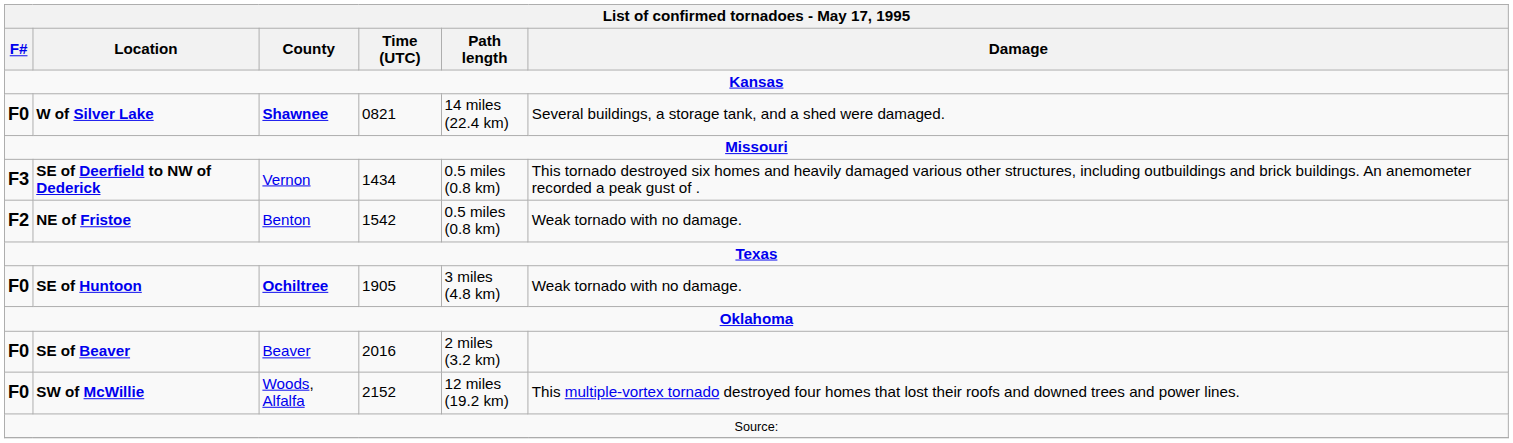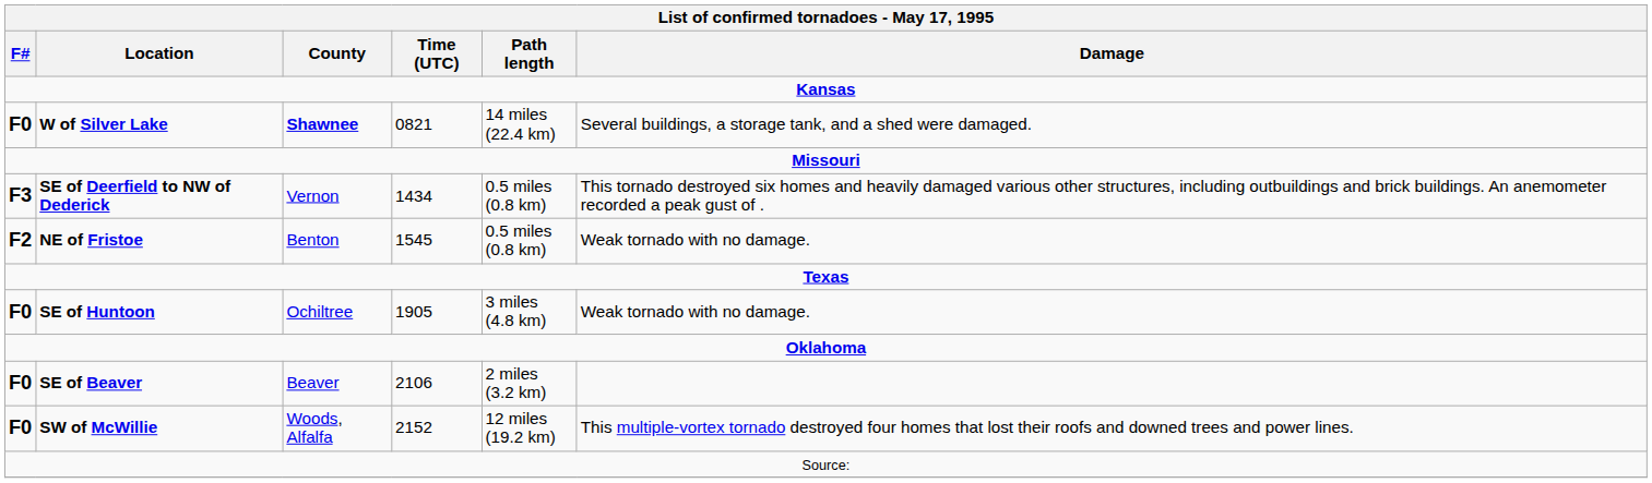 <table class="wikitable collapsible" width="100%">
 <tr>
 <th colspan="6">List of confirmed tornadoes - May 17, 1995</th>
 </tr>
 <tr>
 <th><a href='#'>F#</a></th>
 <th>Location</th>
 <th>County</th>
 <th>Time (UTC)</th>
 <th>Path length</th>
 <th>Damage</th>
 </tr>
 <tr>
 <td colspan="7" align=center><strong><a href='#'>Kansas</a></strong></td>
 </tr>
 <tr>
 <td><big><strong>F0</strong></big></td>
 <td><strong>W of <a href='#'>Silver Lake</a></strong></td>
 <td><strong><a href='#'>Shawnee</a></strong></td>
 <td>0821</td>
 <td>14 miles <br> (22.4 km)</td>
 <td>Several buildings, a storage tank, and a shed were damaged.</td>
 </tr>
 <tr>
 <td colspan="7" align=center><strong><a href='#'>Missouri</a></strong></td>
 </tr>
 <tr>
 <td><big><strong>F3</strong></big></td>
 <td><strong>SE of <a href='#'>Deerfield</a> to NW of <a href='#'>Dederick</a></strong></td>
 <td><a href='#'>Vernon</a></td>
 <td>1434</td>
 <td>0.5 miles <br> (0.8 km)</td>
 <td>This tornado destroyed six homes and heavily damaged various other structures, including outbuildings and brick buildings. An anemometer recorded a peak gust of .</td>
 </tr>
 <tr>
 <td><big><strong>F2</strong></big></td>
 <td><strong>NE of <a href='#'>Fristoe</a></strong></td>
 <td><a href='#'>Benton</a></td>
-<td>1542</td>
+<td>1545</td>
 <td>0.5 miles <br> (0.8 km)</td>
 <td>Weak tornado with no damage.</td>
 </tr>
 <tr>
 <td colspan="7" align=center><strong><a href='#'>Texas</a></strong></td>
 </tr>
 <tr>
 <td><big><strong>F0</strong></big></td>
 <td><strong>SE of <a href='#'>Huntoon</a></strong></td>
-<td><strong><a href='#'>Ochiltree</a></strong></td>
+<td><a href='#'>Ochiltree</a></td>
 <td>1905</td>
 <td>3 miles <br> (4.8 km)</td>
 <td>Weak tornado with no damage.</td>
 </tr>
 <tr>
 <td colspan="7" align=center><strong><a href='#'>Oklahoma</a></strong></td>
 </tr>
 <tr>
 <td><big><strong>F0</strong></big></td>
 <td><strong>SE of <a href='#'>Beaver</a></strong></td>
 <td><a href='#'>Beaver</a></td>
-<td>2016</td>
+<td>2106</td>
 <td>2 miles <br> (3.2 km)</td>
 <td></td>
 </tr>
 <tr>
 <td><big><strong>F0</strong></big></td>
 <td><strong>SW of <a href='#'>McWillie</a></strong></td>
 <td><a href='#'>Woods</a>, <a href='#'>Alfalfa</a></td>
 <td>2152</td>
 <td>12 miles <br> (19.2 km)</td>
 <td>This <a href='#'>multiple-vortex tornado</a> destroyed four homes that lost their roofs and downed trees and power lines.</td>
 </tr>
 <tr>
 <td colspan="7" align=center><small>Source:  </small></td>
 </tr>
 <tr>
 </tr>
 </table>
